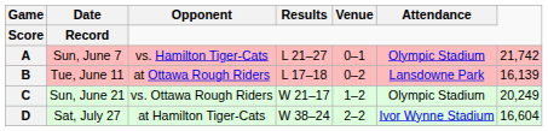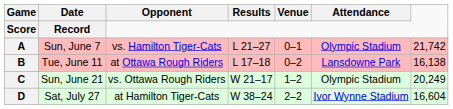 <table class="wikitable" style="text-align:center">
 <tr>
 <th>Game</th>
 <th>Date</th>
 <th>Opponent</th>
 <th>Results</th>
 <th>Venue</th>
 <th>Attendance</th>
 </tr>
 <tr>
 <th>Score</th>
 <th>Record</th>
 </tr>
 <tr style="background:#ffbbbb">
 <th>A</th>
 <td>Sun, June 7</td>
 <td>vs. <a href='#'>Hamilton Tiger-Cats</a></td>
 <td>L 21–27</td>
 <td>0–1</td>
 <td><a href='#'>Olympic Stadium</a></td>
 <td>21,742</td>
 </tr>
 <tr style="background:#ffbbbb">
 <th>B</th>
 <td>Tue, June 11</td>
 <td>at <a href='#'>Ottawa Rough Riders</a></td>
 <td>L 17–18</td>
 <td>0–2</td>
 <td><a href='#'>Lansdowne Park</a></td>
-<td>16,139</td>
+<td>16,138</td>
 </tr>
 <tr style="background:#ddffdd">
 <th>C</th>
 <td>Sun, June 21</td>
 <td>vs. Ottawa Rough Riders</td>
 <td>W 21–17</td>
 <td>1–2</td>
 <td>Olympic Stadium</td>
 <td>20,249</td>
 </tr>
 <tr style="background:#ddffdd">
 <th>D</th>
 <td>Sat, July 27</td>
 <td>at Hamilton Tiger-Cats</td>
 <td>W 38–24</td>
 <td>2–2</td>
 <td><a href='#'>Ivor Wynne Stadium</a></td>
 <td>16,604</td>
 </tr>
 </table>
